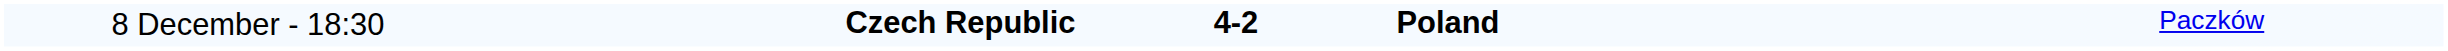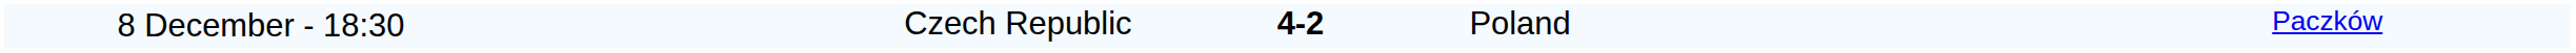 <table style="width: 100%; background:#F5FAFF;" cellspacing="0">
 <tr>
 <td align=center rowspan=3 width=20%>8 December - 18:30</td>
 </tr>
 <tr>
-<td width=24% align=right><strong>Czech Republic</strong></td>
+<td width=24% align=right>Czech Republic</td>
 <td align=center width=13%><strong>4-2</strong></td>
-<td width=24%><strong>Poland</strong></td>
+<td width=24%>Poland</td>
 <td style=font-size:85% rowspan=3 valign=top align=center><a href='#'>Paczków</a></td>
 </tr>
 <tr style=font-size:85%>
 <td align=right valign=top></td>
 <td></td>
 <td></td>
 </tr>
 </table>
